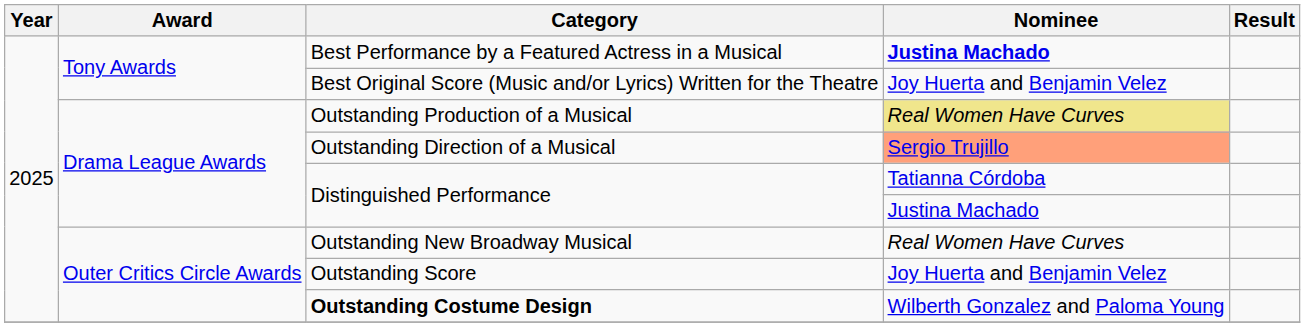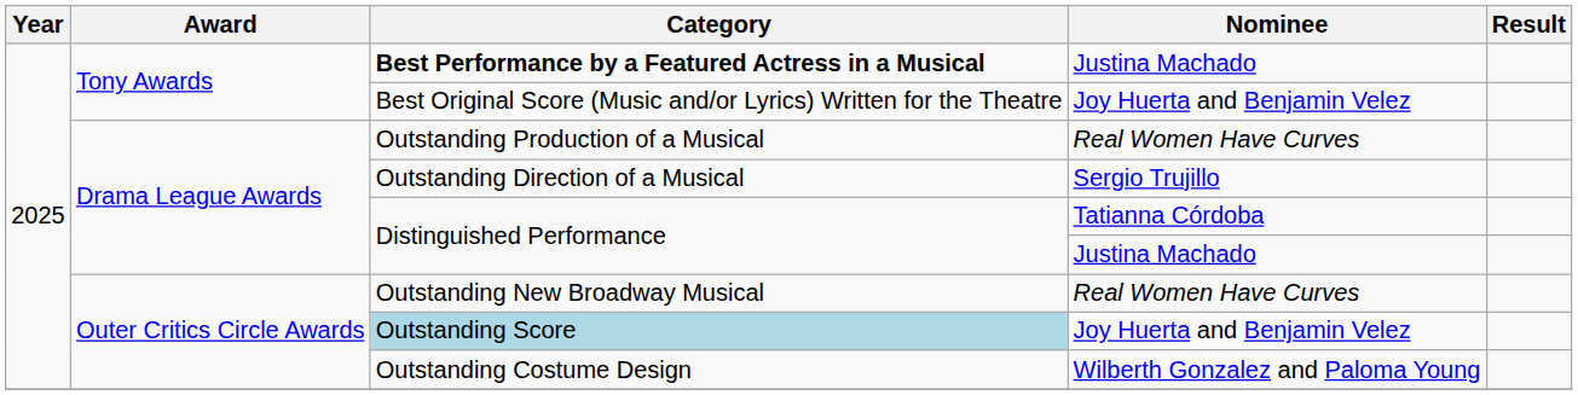 <table class="wikitable">
 <tr>
 <th>Year</th>
 <th>Award</th>
 <th>Category</th>
 <th>Nominee</th>
 <th>Result</th>
 </tr>
 <tr>
 <td rowspan="9">2025</td>
 <td rowspan="2"><a href='#'>Tony Awards</a></td>
-<td>Best Performance by a Featured Actress in a Musical</td>
-<td><strong><a href='#'>Justina Machado</a></strong></td>
+<td><strong>Best Performance by a Featured Actress in a Musical</strong></td>
+<td><a href='#'>Justina Machado</a></td>
 <td></td>
 </tr>
 <tr>
 <td>Best Original Score (Music and/or Lyrics) Written for the Theatre</td>
 <td><a href='#'>Joy Huerta</a> and <a href='#'>Benjamin Velez</a></td>
 <td></td>
 </tr>
 <tr>
 <td rowspan="4"><a href='#'>Drama League Awards</a></td>
 <td>Outstanding Production of a Musical</td>
-<td style="background: khaki;"><em>Real Women Have Curves</em></td>
+<td><em>Real Women Have Curves</em></td>
 <td></td>
 </tr>
 <tr>
 <td>Outstanding Direction of a Musical</td>
-<td style="background: lightsalmon;"><a href='#'>Sergio Trujillo</a></td>
+<td><a href='#'>Sergio Trujillo</a></td>
 <td></td>
 </tr>
 <tr>
 <td rowspan="2">Distinguished Performance</td>
 <td><a href='#'>Tatianna Córdoba</a></td>
 <td></td>
 </tr>
 <tr>
 <td><a href='#'>Justina Machado</a></td>
 <td></td>
 </tr>
 <tr>
 <td rowspan="3"><a href='#'>Outer Critics Circle Awards</a></td>
 <td>Outstanding New Broadway Musical</td>
 <td><em>Real Women Have Curves</em></td>
 <td></td>
 </tr>
 <tr>
-<td>Outstanding Score</td>
+<td style="background: lightblue;">Outstanding Score</td>
 <td><a href='#'>Joy Huerta</a> and <a href='#'>Benjamin Velez</a></td>
 <td></td>
 </tr>
 <tr>
-<td><strong>Outstanding Costume Design</strong></td>
+<td>Outstanding Costume Design</td>
 <td><a href='#'>Wilberth Gonzalez</a> and <a href='#'>Paloma Young</a></td>
 <td></td>
 </tr>
 <tr>
 </tr>
 </table>
